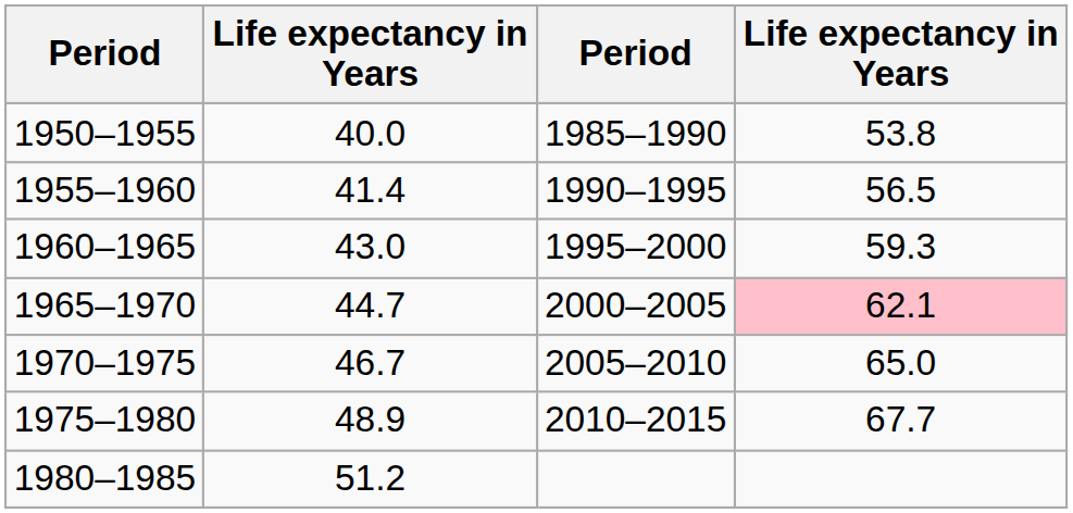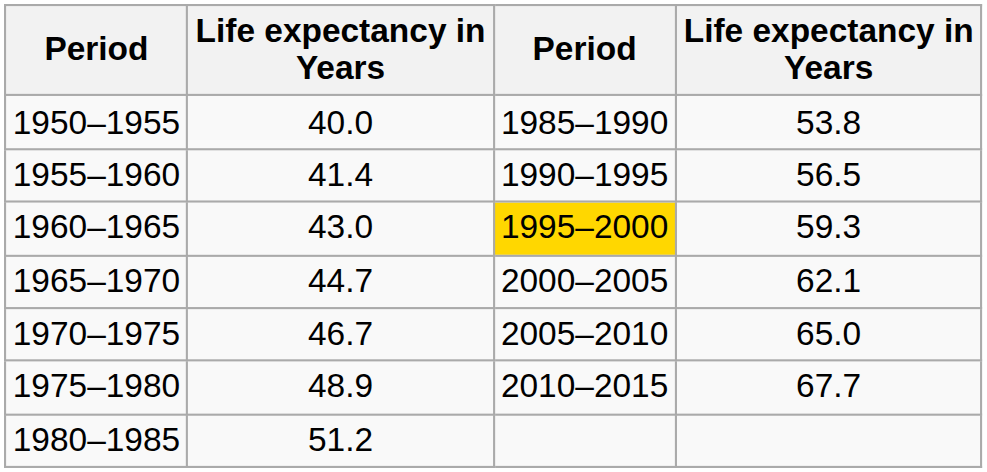 <table class="wikitable" style="text-align:center">
 <tr>
 <th>Period</th>
 <th>Life expectancy in<br>Years</th>
 <th>Period</th>
 <th>Life expectancy in<br>Years</th>
 </tr>
 <tr>
 <td>1950–1955</td>
 <td>40.0</td>
 <td>1985–1990</td>
 <td>53.8</td>
 </tr>
 <tr>
 <td>1955–1960</td>
 <td>41.4</td>
 <td>1990–1995</td>
 <td>56.5</td>
 </tr>
 <tr>
 <td>1960–1965</td>
 <td>43.0</td>
-<td>1995–2000</td>
+<td style="background: gold;">1995–2000</td>
 <td>59.3</td>
 </tr>
 <tr>
 <td>1965–1970</td>
 <td>44.7</td>
 <td>2000–2005</td>
-<td style="background: pink;">62.1</td>
+<td>62.1</td>
 </tr>
 <tr>
 <td>1970–1975</td>
 <td>46.7</td>
 <td>2005–2010</td>
 <td>65.0</td>
 </tr>
 <tr>
 <td>1975–1980</td>
 <td>48.9</td>
 <td>2010–2015</td>
 <td>67.7</td>
 </tr>
 <tr>
 <td>1980–1985</td>
 <td>51.2</td>
 <td></td>
 <td></td>
 </tr>
 </table>
